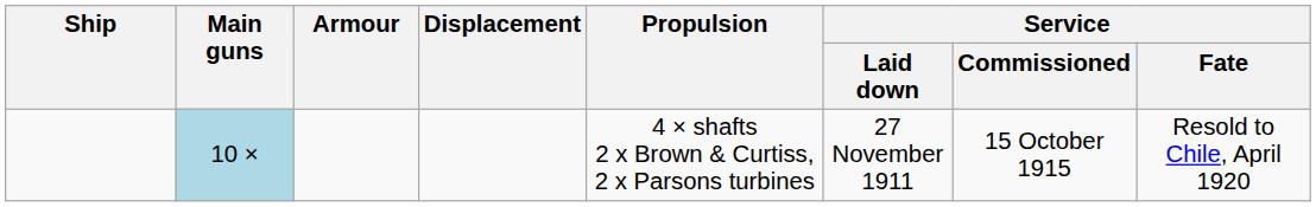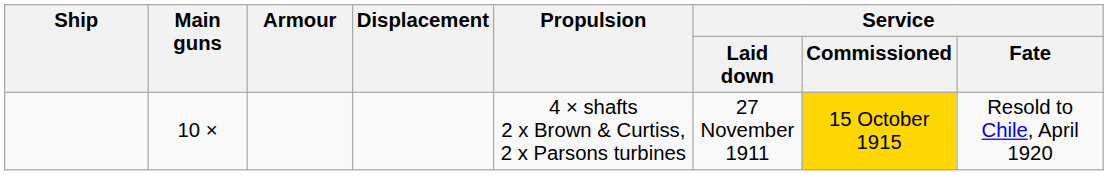 <table class="wikitable" style="width:98%;">
 <tr valign="top"|- valign="top">
 <th style="width:15%; text-align:center;" rowspan="2">Ship</th>
 <th style="width:10%; text-align:center;" rowspan="2">Main guns</th>
 <th style="width:10%; text-align:center;" rowspan="2">Armour</th>
 <th style="width:10%; text-align:center;" rowspan="2">Displacement</th>
 <th style="width:20%; text-align:center;" rowspan="2">Propulsion</th>
 <th style="width:40%; text-align:center;" colspan="3">Service</th>
 </tr>
 <tr valign="top">
 <th style="width:10%; text-align:center;">Laid down</th>
 <th style="width:10%; text-align:center;">Commissioned</th>
 <th style="width:20%; text-align:center;">Fate</th>
 </tr>
 <tr valign="center">
 <td align= center></td>
-<td style="background: lightblue; text-align:center;">10 × </td>
+<td style="text-align:center;">10 × </td>
 <td style="text-align:center;"></td>
 <td style="text-align:center;"></td>
 <td align= center rowspan=2>4 × shafts<br>2 x Brown & Curtiss, 2 x Parsons turbines<br></td>
 <td style="text-align:center;">27 November 1911</td>
-<td style="text-align:center;">15 October 1915</td>
+<td style="background: gold; text-align:center;">15 October 1915</td>
 <td align= center>Resold to <a href='#'>Chile</a>, April 1920</td>
 </tr>
 </table>
